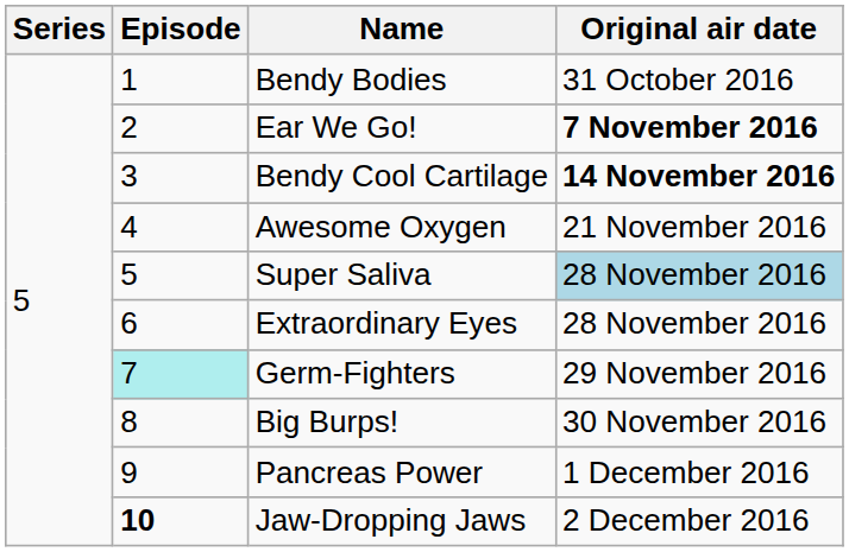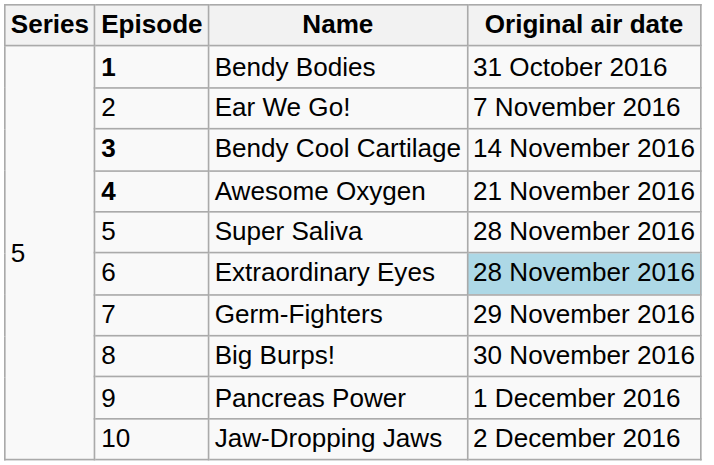 <table class="wikitable">
 <tr>
 <th>Series</th>
 <th>Episode</th>
 <th>Name</th>
 <th>Original air date</th>
 </tr>
 <tr>
 <td rowspan="10">5</td>
-<td>1</td>
+<td><strong>1</strong></td>
 <td>Bendy Bodies</td>
 <td>31 October 2016</td>
 </tr>
 <tr>
 <td>2</td>
 <td>Ear We Go!</td>
-<td><strong>7 November 2016</strong></td>
+<td>7 November 2016</td>
 </tr>
 <tr>
-<td>3</td>
+<td><strong>3</strong></td>
 <td>Bendy Cool Cartilage</td>
-<td><strong>14 November 2016</strong></td>
+<td>14 November 2016</td>
 </tr>
 <tr>
-<td>4</td>
+<td><strong>4</strong></td>
 <td>Awesome Oxygen</td>
 <td>21 November 2016</td>
 </tr>
 <tr>
 <td>5</td>
 <td>Super Saliva</td>
-<td style="background: lightblue;">28 November 2016</td>
+<td>28 November 2016</td>
 </tr>
 <tr>
 <td>6</td>
 <td>Extraordinary Eyes</td>
-<td>28 November 2016</td>
+<td style="background: lightblue;">28 November 2016</td>
 </tr>
 <tr>
-<td style="background: paleturquoise;">7</td>
+<td>7</td>
 <td>Germ-Fighters</td>
 <td>29 November 2016</td>
 </tr>
 <tr>
 <td>8</td>
 <td>Big Burps!</td>
 <td>30 November 2016</td>
 </tr>
 <tr>
 <td>9</td>
 <td>Pancreas Power</td>
 <td>1 December 2016</td>
 </tr>
 <tr>
-<td><strong>10</strong></td>
+<td>10</td>
 <td>Jaw-Dropping Jaws</td>
 <td>2 December 2016</td>
 </tr>
 </table>
